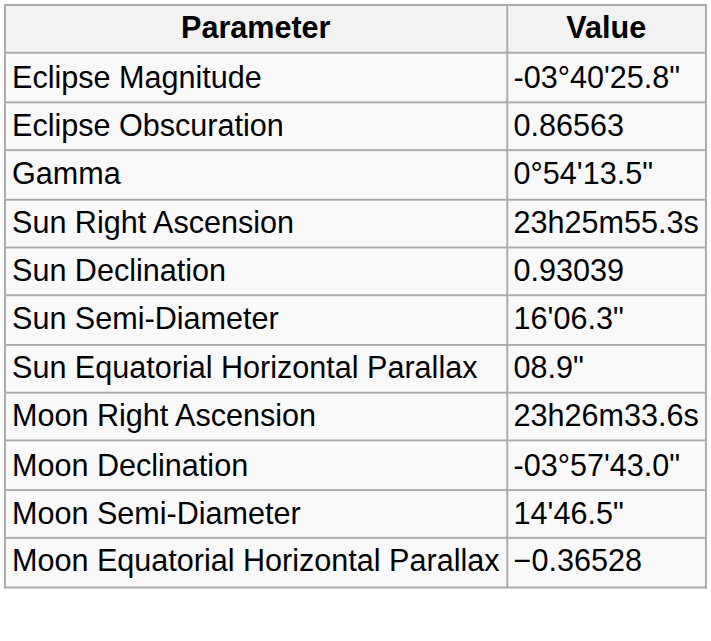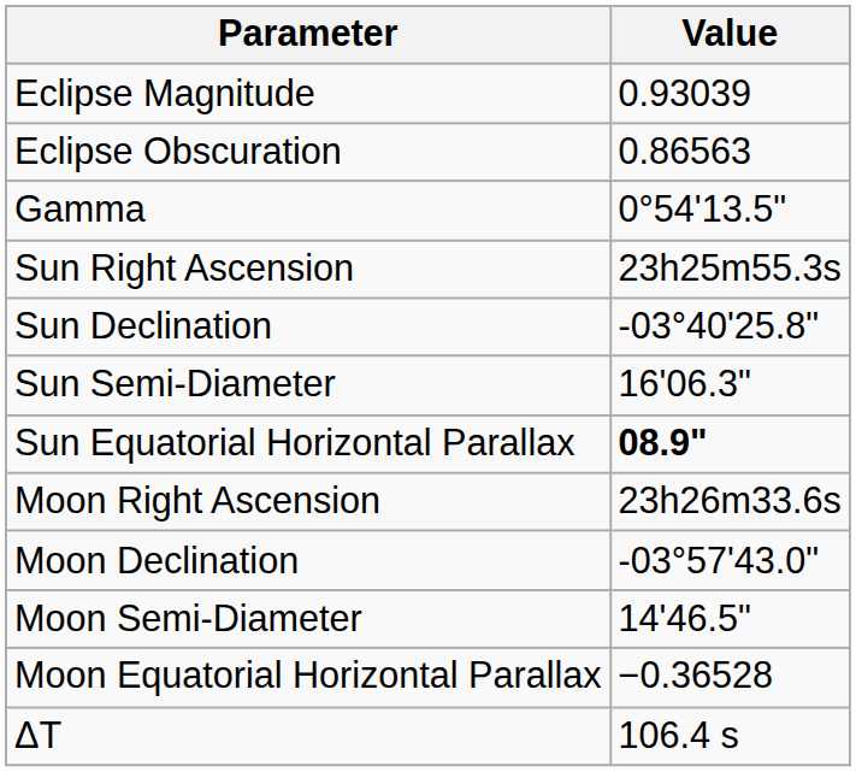 <table class="wikitable">
 <tr>
 <th>Parameter</th>
 <th>Value</th>
 </tr>
 <tr>
 <td>Eclipse Magnitude</td>
-<td>-03°40'25.8"</td>
+<td>0.93039</td>
 </tr>
 <tr>
 <td>Eclipse Obscuration</td>
 <td>0.86563</td>
 </tr>
 <tr>
 <td>Gamma</td>
 <td>0°54'13.5"</td>
 </tr>
 <tr>
 <td>Sun Right Ascension</td>
 <td>23h25m55.3s</td>
 </tr>
 <tr>
 <td>Sun Declination</td>
-<td>0.93039</td>
+<td>-03°40'25.8"</td>
 </tr>
 <tr>
 <td>Sun Semi-Diameter</td>
 <td>16'06.3"</td>
 </tr>
 <tr>
 <td>Sun Equatorial Horizontal Parallax</td>
-<td>08.9"</td>
+<td><strong>08.9"</strong></td>
 </tr>
 <tr>
 <td>Moon Right Ascension</td>
 <td>23h26m33.6s</td>
 </tr>
 <tr>
 <td>Moon Declination</td>
 <td>-03°57'43.0"</td>
 </tr>
 <tr>
 <td>Moon Semi-Diameter</td>
 <td>14'46.5"</td>
 </tr>
 <tr>
 <td>Moon Equatorial Horizontal Parallax</td>
 <td>−0.36528</td>
 </tr>
+<tr>
+<td>ΔT</td>
+<td>106.4 s</td>
+</tr>
 </table>
